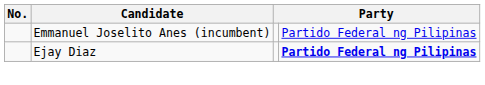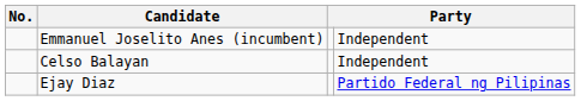 <table class="wikitable sortable" style="text-align:left;">
 <tr>
 <th>No.</th>
 <th>Candidate</th>
 <th colspan="2">Party</th>
 </tr>
 <tr>
 <td></td>
 <td>Emmanuel Joselito Anes (incumbent)</td>
 <td></td>
-<td><a href='#'>Partido Federal ng Pilipinas</a></td>
+<td>Independent</td>
+</tr>
+<tr>
+<td></td>
+<td>Celso Balayan</td>
+<td></td>
+<td>Independent</td>
 </tr>
 <tr>
 <td></td>
 <td>Ejay Diaz</td>
 <td></td>
-<td><strong><a href='#'>Partido Federal ng Pilipinas</a></strong></td>
+<td><a href='#'>Partido Federal ng Pilipinas</a></td>
 </tr>
 </table>
